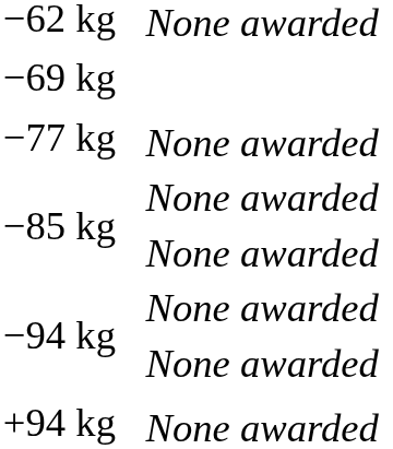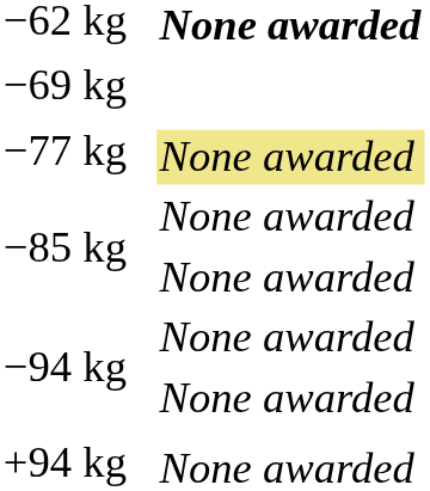 <table>
 <tr>
 <td rowspan=2>−62 kg</td>
 <td rowspan=2></td>
 <td rowspan=2></td>
 <td></td>
 </tr>
 <tr>
-<td><em>None awarded</em></td>
+<td><strong><em>None awarded</em></strong></td>
 </tr>
 <tr>
 <td rowspan=2>−69 kg</td>
 <td rowspan=2></td>
 <td rowspan=2></td>
 <td></td>
 </tr>
 <tr>
 <td></td>
 </tr>
 <tr>
 <td rowspan=2>−77 kg</td>
 <td rowspan=2></td>
 <td rowspan=2></td>
 <td></td>
 </tr>
 <tr>
-<td><em>None awarded</em></td>
+<td style="background: khaki;"><em>None awarded</em></td>
 </tr>
 <tr>
 <td rowspan=2>−85 kg</td>
 <td rowspan=2></td>
 <td rowspan=2></td>
 <td><em>None awarded</em></td>
 </tr>
 <tr>
 <td><em>None awarded</em></td>
 </tr>
 <tr>
 <td rowspan=2>−94 kg</td>
 <td rowspan=2></td>
 <td rowspan=2></td>
 <td><em>None awarded</em></td>
 </tr>
 <tr>
 <td><em>None awarded</em></td>
 </tr>
 <tr>
 <td rowspan=2>+94 kg</td>
 <td rowspan=2></td>
 <td rowspan=2></td>
 <td></td>
 </tr>
 <tr>
 <td><em>None awarded</em></td>
 </tr>
 </table>
